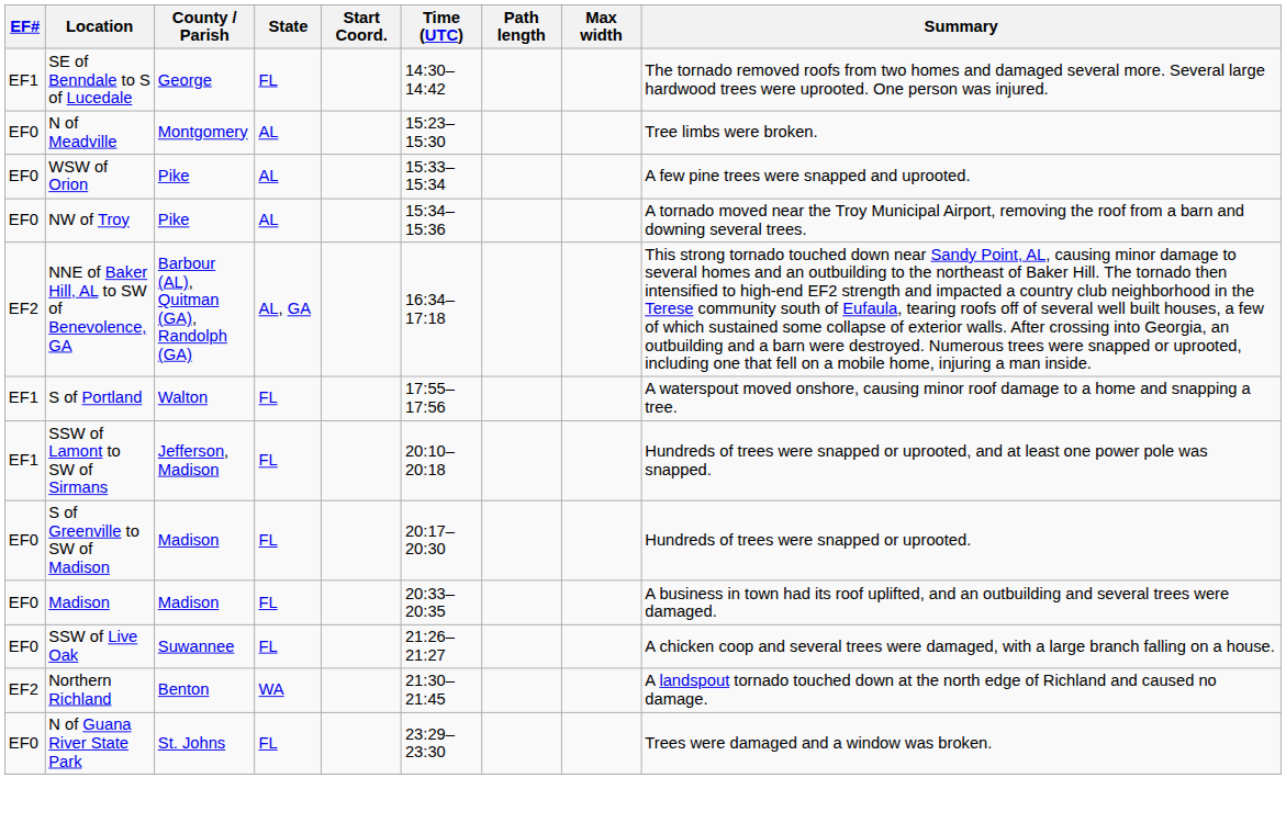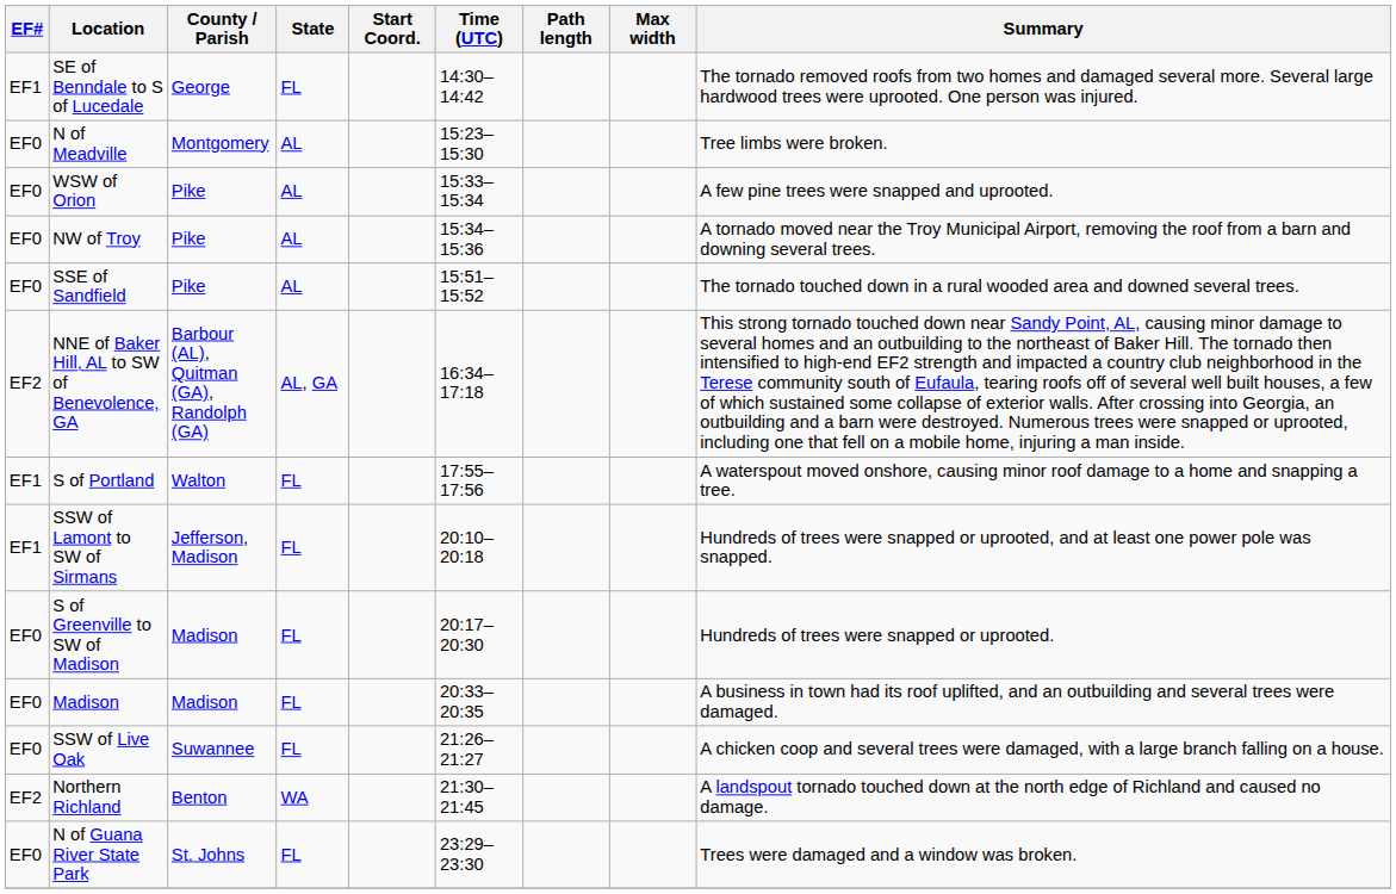 <table class="wikitable sortable" style="width:100%;">
 <tr>
 <th scope="col"  style="width:3%; text-align:center;"><a href='#'>EF#</a></th>
 <th scope="col"  style="width:7%; text-align:center;" class="unsortable">Location</th>
 <th scope="col"  style="width:6%; text-align:center;" class="unsortable">County / Parish</th>
 <th scope="col"  style="width:5%; text-align:center;">State</th>
 <th scope="col"  style="width:6%; text-align:center;">Start Coord.</th>
 <th scope="col"  style="width:6%; text-align:center;">Time (<a href='#'>UTC</a>)</th>
 <th scope="col"  style="width:6%; text-align:center;">Path length</th>
 <th scope="col"  style="width:6%; text-align:center;">Max width</th>
 <th scope="col" class="unsortable" style="width:48%; text-align:center;">Summary</th>
 </tr>
 <tr>
 <td>EF1</td>
 <td>SE of <a href='#'>Benndale</a> to S of <a href='#'>Lucedale</a></td>
 <td><a href='#'>George</a></td>
 <td><a href='#'>FL</a></td>
 <td></td>
 <td>14:30–14:42</td>
 <td></td>
 <td></td>
 <td>The tornado removed roofs from two homes and damaged several more. Several large hardwood trees were uprooted. One person was injured.</td>
 </tr>
 <tr>
 <td>EF0</td>
 <td>N of <a href='#'>Meadville</a></td>
 <td><a href='#'>Montgomery</a></td>
 <td><a href='#'>AL</a></td>
 <td></td>
 <td>15:23–15:30</td>
 <td></td>
 <td></td>
 <td>Tree limbs were broken.</td>
 </tr>
 <tr>
 <td>EF0</td>
 <td>WSW of <a href='#'>Orion</a></td>
 <td><a href='#'>Pike</a></td>
 <td><a href='#'>AL</a></td>
 <td></td>
 <td>15:33–15:34</td>
 <td></td>
 <td></td>
 <td>A few pine trees were snapped and uprooted.</td>
 </tr>
 <tr>
 <td>EF0</td>
 <td>NW of <a href='#'>Troy</a></td>
 <td><a href='#'>Pike</a></td>
 <td><a href='#'>AL</a></td>
 <td></td>
 <td>15:34–15:36</td>
 <td></td>
 <td></td>
 <td>A tornado moved near the Troy Municipal Airport, removing the roof from a barn and downing several trees.</td>
+</tr>
+<tr>
+<td>EF0</td>
+<td>SSE of <a href='#'>Sandfield</a></td>
+<td><a href='#'>Pike</a></td>
+<td><a href='#'>AL</a></td>
+<td></td>
+<td>15:51–15:52</td>
+<td></td>
+<td></td>
+<td>The tornado touched down in a rural wooded area and downed several trees.</td>
 </tr>
 <tr>
 <td>EF2</td>
 <td>NNE of <a href='#'>Baker Hill, AL</a> to SW of <a href='#'>Benevolence, GA</a></td>
 <td><a href='#'>Barbour (AL)</a>, <a href='#'>Quitman (GA)</a>, <a href='#'>Randolph (GA)</a></td>
 <td><a href='#'>AL</a>, <a href='#'>GA</a></td>
 <td></td>
 <td>16:34–17:18</td>
 <td></td>
 <td></td>
 <td>This strong tornado touched down near <a href='#'>Sandy Point, AL</a>, causing minor damage to several homes and an outbuilding to the northeast of Baker Hill. The tornado then intensified to high-end EF2 strength and impacted a country club neighborhood in the <a href='#'>Terese</a> community south of <a href='#'>Eufaula</a>, tearing roofs off of several well built houses, a few of which sustained some collapse of exterior walls. After crossing into Georgia, an outbuilding and a barn were destroyed. Numerous trees were snapped or uprooted, including one that fell on a mobile home, injuring a man inside.</td>
 </tr>
 <tr>
 <td>EF1</td>
 <td>S of <a href='#'>Portland</a></td>
 <td><a href='#'>Walton</a></td>
 <td><a href='#'>FL</a></td>
 <td></td>
 <td>17:55–17:56</td>
 <td></td>
 <td></td>
 <td>A waterspout moved onshore, causing minor roof damage to a home and snapping a tree.</td>
 </tr>
 <tr>
 <td>EF1</td>
 <td>SSW of <a href='#'>Lamont</a> to SW of <a href='#'>Sirmans</a></td>
 <td><a href='#'>Jefferson</a>, <a href='#'>Madison</a></td>
 <td><a href='#'>FL</a></td>
 <td></td>
 <td>20:10–20:18</td>
 <td></td>
 <td></td>
 <td>Hundreds of trees were snapped or uprooted, and at least one power pole was snapped.</td>
 </tr>
 <tr>
 <td>EF0</td>
 <td>S of <a href='#'>Greenville</a> to SW of <a href='#'>Madison</a></td>
 <td><a href='#'>Madison</a></td>
 <td><a href='#'>FL</a></td>
 <td></td>
 <td>20:17–20:30</td>
 <td></td>
 <td></td>
 <td>Hundreds of trees were snapped or uprooted.</td>
 </tr>
 <tr>
 <td>EF0</td>
 <td><a href='#'>Madison</a></td>
 <td><a href='#'>Madison</a></td>
 <td><a href='#'>FL</a></td>
 <td></td>
 <td>20:33–20:35</td>
 <td></td>
 <td></td>
 <td>A business in town had its roof uplifted, and an outbuilding and several trees were damaged.</td>
 </tr>
 <tr>
 <td>EF0</td>
 <td>SSW of <a href='#'>Live Oak</a></td>
 <td><a href='#'>Suwannee</a></td>
 <td><a href='#'>FL</a></td>
 <td></td>
 <td>21:26–21:27</td>
 <td></td>
 <td></td>
 <td>A chicken coop and several trees were damaged, with a large branch falling on a house.</td>
 </tr>
 <tr>
 <td>EF2</td>
 <td>Northern <a href='#'>Richland</a></td>
 <td><a href='#'>Benton</a></td>
 <td><a href='#'>WA</a></td>
 <td></td>
 <td>21:30–21:45</td>
 <td></td>
 <td></td>
 <td>A <a href='#'>landspout</a> tornado touched down at the north edge of Richland and caused no damage.</td>
 </tr>
 <tr>
 <td>EF0</td>
 <td>N of <a href='#'>Guana River State Park</a></td>
 <td><a href='#'>St. Johns</a></td>
 <td><a href='#'>FL</a></td>
 <td></td>
 <td>23:29–23:30</td>
 <td></td>
 <td></td>
 <td>Trees were damaged and a window was broken.</td>
 </tr>
 <tr>
 </tr>
 </table>
